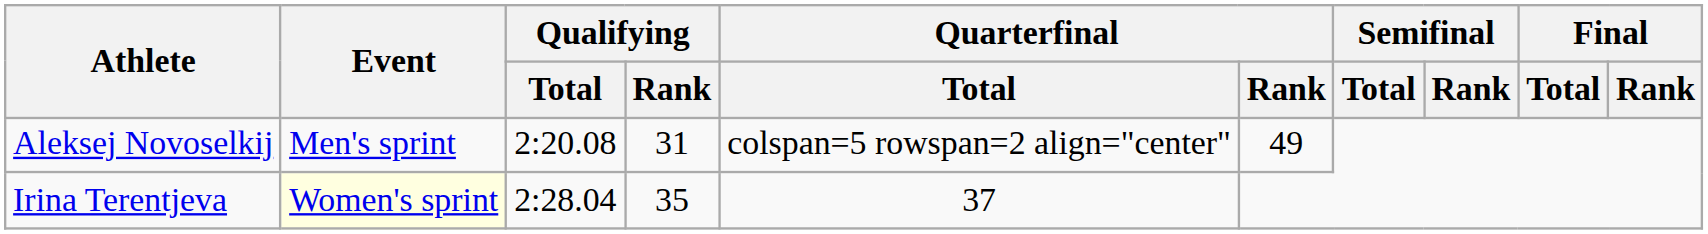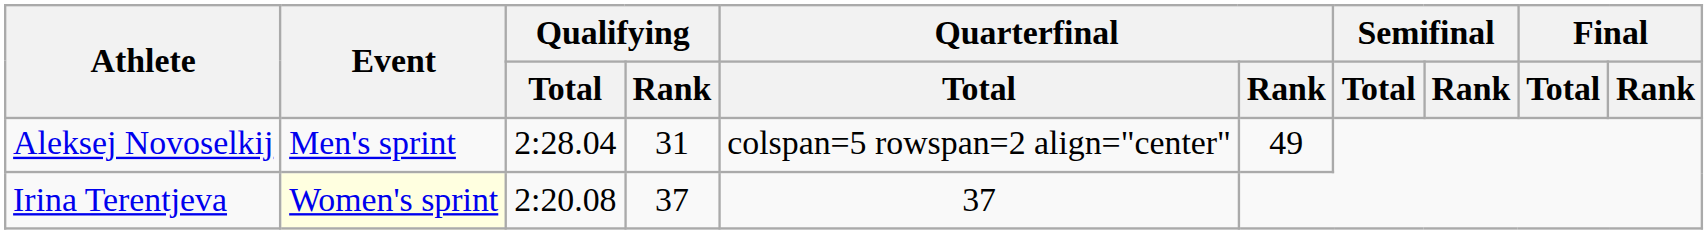 <table class="wikitable" style="font-size:90%">
 <tr>
 <th rowspan="2">Athlete</th>
 <th rowspan="2">Event</th>
 <th colspan="2">Qualifying</th>
 <th colspan="2">Quarterfinal</th>
 <th colspan="2">Semifinal</th>
 <th colspan="2">Final</th>
 </tr>
 <tr>
 <th>Total</th>
 <th>Rank</th>
 <th>Total</th>
 <th>Rank</th>
 <th>Total</th>
 <th>Rank</th>
 <th>Total</th>
 <th>Rank</th>
 </tr>
 <tr>
 <td><a href='#'>Aleksej Novoselkij</a></td>
 <td><a href='#'>Men's sprint</a></td>
-<td align="center">2:20.08</td>
+<td align="center">2:28.04</td>
 <td align="center">31</td>
 <td>colspan=5 rowspan=2 align="center" </td>
 <td align="center">49</td>
 </tr>
 <tr>
 <td><a href='#'>Irina Terentjeva</a></td>
 <td style="background: lightyellow;"><a href='#'>Women's sprint</a></td>
-<td align="center">2:28.04</td>
-<td align="center">35</td>
+<td align="center">2:20.08</td>
+<td align="center">37</td>
 <td align="center">37</td>
 </tr>
 </table>
